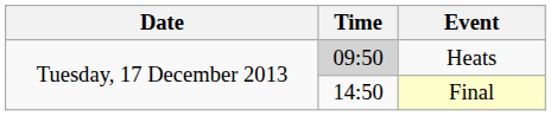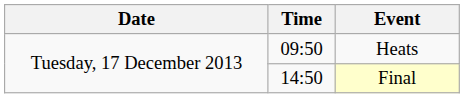 <table class = "wikitable" style="text-align:center;">
 <tr>
 <th width=220>Date</th>
 <th width=50>Time</th>
 <th width=100>Event</th>
 </tr>
 <tr>
 <td rowspan=2>Tuesday, 17 December 2013</td>
-<td style="background: lightgrey;">09:50</td>
+<td>09:50</td>
 <td>Heats</td>
 </tr>
 <tr>
 <td>14:50</td>
 <td bgcolor=ffffcc>Final</td>
 </tr>
 </table>
